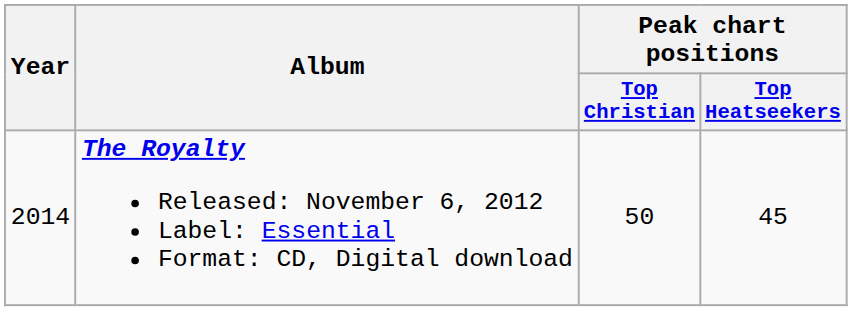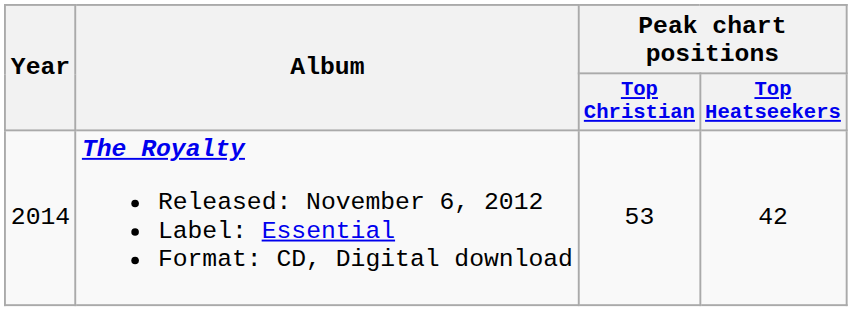 <table class="wikitable" style="text-align:center;">
 <tr>
 <th rowspan="2">Year</th>
 <th rowspan="2">Album</th>
 <th colspan="4">Peak chart positions</th>
 </tr>
 <tr style="font-size:smaller;">
 <th width="40"><a href='#'>Top<br>Christian</a></th>
 <th width="40"><a href='#'>Top<br>Heatseekers</a></th>
 </tr>
 <tr>
 <td>2014</td>
 <td align="left"><strong><em><a href='#'>The Royalty</a></em></strong><br><ul><li>Released: November 6, 2012</li><li>Label: <a href='#'>Essential</a></li><li>Format: CD, Digital download</li></ul></td>
-<td>50</td>
-<td>45</td>
+<td>53</td>
+<td>42</td>
 </tr>
 </table>
